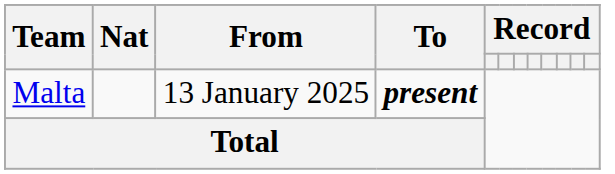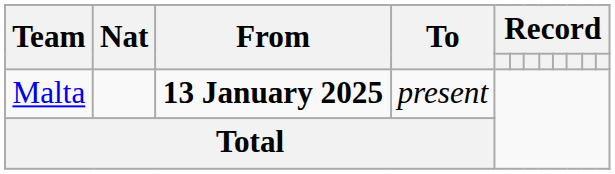 <table class="wikitable" style="text-align:center">
 <tr>
 <th rowspan="2">Team</th>
 <th rowspan="2">Nat</th>
 <th rowspan="2">From</th>
 <th rowspan="2">To</th>
 <th colspan="8">Record</th>
 </tr>
 <tr>
 <th></th>
 <th></th>
 <th></th>
 <th></th>
 <th></th>
 <th></th>
 <th></th>
 <th></th>
 </tr>
 <tr>
 <td><a href='#'>Malta</a></td>
 <td></td>
-<td>13 January 2025</td>
-<td><strong><em>present</em><br></strong></td>
+<td><strong>13 January 2025</strong></td>
+<td><em>present</em><br></td>
 </tr>
 <tr>
 <th colspan="4">Total<br></th>
 </tr>
 </table>
